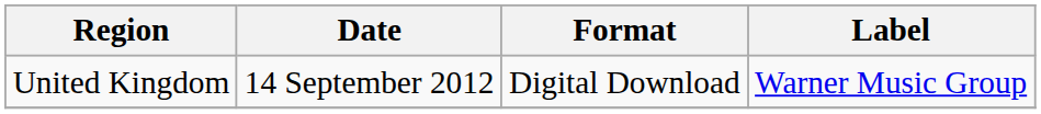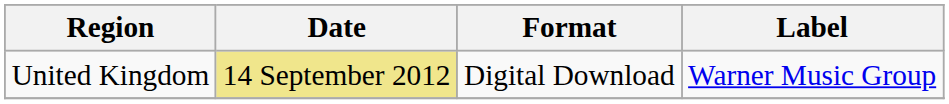 <table class=wikitable>
 <tr>
 <th>Region</th>
 <th>Date</th>
 <th>Format</th>
 <th>Label</th>
 </tr>
 <tr>
 <td rowspan="1">United Kingdom</td>
-<td>14 September 2012</td>
+<td style="background: khaki;">14 September 2012</td>
 <td>Digital Download</td>
 <td><a href='#'>Warner Music Group</a></td>
 </tr>
 <tr>
 </tr>
 </table>
